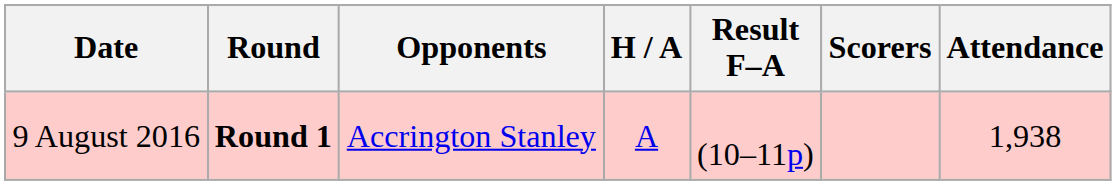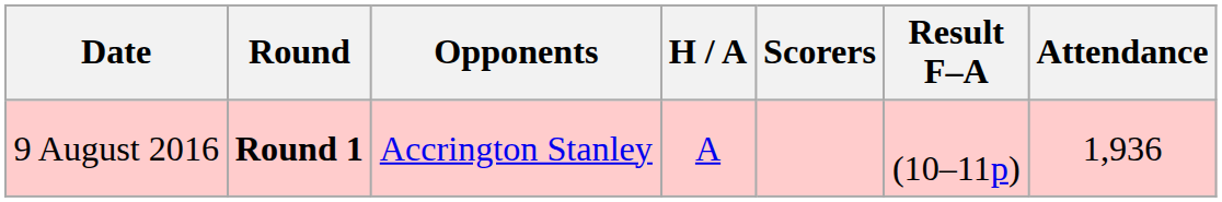 <table class="wikitable" style="text-align:center">
 <tr>
 <th>Date</th>
 <th>Round</th>
 <th>Opponents</th>
 <th>H / A</th>
+<th>Scorers</th>
 <th>Result<br>F–A</th>
-<th>Scorers</th>
 <th>Attendance</th>
 </tr>
 <tr bgcolor="#FFCCCC">
 <td>9 August 2016</td>
 <td><strong>Round 1</strong></td>
 <td><a href='#'>Accrington Stanley</a></td>
 <td><a href='#'>A</a></td>
+<td></td>
 <td> <br>(10–11<a href='#'>p</a>)</td>
-<td></td>
-<td>1,938</td>
+<td>1,936</td>
 </tr>
 </table>
